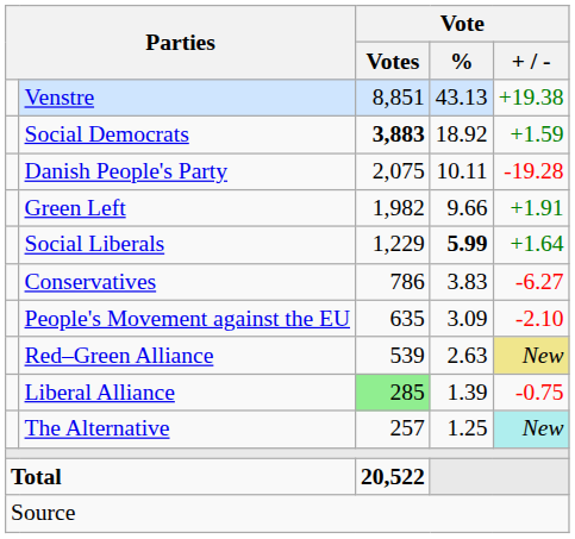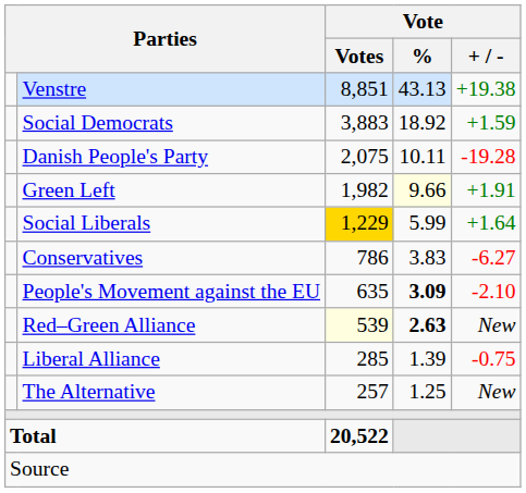 <table class="wikitable" style="text-align:right;">
 <tr>
 <th style="text-align:centre;" rowspan="2" colspan="2" width="225">Parties</th>
 <th colspan="3">Vote</th>
 </tr>
 <tr>
 <th width="15">Votes</th>
 <th width="15">%</th>
 <th width="15">+ / -</th>
 </tr>
 <tr>
 <td width="2" style="color:inherit;background:"></td>
 <td bgcolor=#cfe5fe   align="left"><a href='#'>Venstre</a></td>
 <td bgcolor=#cfe5fe>8,851</td>
 <td bgcolor=#cfe5fe>43.13</td>
 <td style=color:green;>+19.38</td>
 </tr>
 <tr>
 <td width="2" style="color:inherit;background:"></td>
 <td align="left"><a href='#'>Social Democrats</a></td>
-<td><strong>3,883</strong></td>
+<td>3,883</td>
 <td>18.92</td>
 <td style=color:green;>+1.59</td>
 </tr>
 <tr>
 <td width="2" style="color:inherit;background:"></td>
 <td align="left"><a href='#'>Danish People's Party</a></td>
 <td>2,075</td>
 <td>10.11</td>
 <td style=color:red;>-19.28</td>
 </tr>
 <tr>
 <td width="2" style="color:inherit;background:"></td>
 <td align="left"><a href='#'>Green Left</a></td>
 <td>1,982</td>
-<td>9.66</td>
+<td style="background: lightyellow;">9.66</td>
 <td style=color:green;>+1.91</td>
 </tr>
 <tr>
 <td width="2" style="color:inherit;background:"></td>
 <td align="left"><a href='#'>Social Liberals</a></td>
-<td>1,229</td>
-<td><strong>5.99</strong></td>
+<td style="background: gold;">1,229</td>
+<td>5.99</td>
 <td style=color:green;>+1.64</td>
 </tr>
 <tr>
 <td width="2" style="color:inherit;background:"></td>
 <td align="left"><a href='#'>Conservatives</a></td>
 <td>786</td>
 <td>3.83</td>
 <td style=color:red;>-6.27</td>
 </tr>
 <tr>
 <td width="2" style="color:inherit;background:"></td>
 <td align="left"><a href='#'>People's Movement against the EU</a></td>
 <td>635</td>
-<td>3.09</td>
+<td><strong>3.09</strong></td>
 <td style=color:red;>-2.10</td>
 </tr>
 <tr>
 <td width="2" style="color:inherit;background:"></td>
 <td align="left"><a href='#'>Red–Green Alliance</a></td>
-<td>539</td>
-<td>2.63</td>
-<td style="background: khaki;"><em>New</em></td>
+<td style="background: lightyellow;">539</td>
+<td><strong>2.63</strong></td>
+<td><em>New</em></td>
 </tr>
 <tr>
 <td width="2" style="color:inherit;background:"></td>
 <td align="left"><a href='#'>Liberal Alliance</a></td>
-<td style="background: lightgreen;">285</td>
+<td>285</td>
 <td>1.39</td>
 <td style=color:red;>-0.75</td>
 </tr>
 <tr>
 <td width="2" style="color:inherit;background:"></td>
 <td align="left"><a href='#'>The Alternative</a></td>
 <td>257</td>
 <td>1.25</td>
-<td style="background: paleturquoise;"><em>New</em></td>
+<td><em>New</em></td>
 </tr>
 <tr>
 <td colspan="7" bgcolor="#E9E9E9"></td>
 </tr>
 <tr>
 <td align="left" colspan="2"><strong>Total</strong></td>
 <td><strong>20,522</strong></td>
 <td bgcolor="#E9E9E9" colspan="2"></td>
 </tr>
 <tr>
 <td align="left" colspan="6">Source</td>
 </tr>
 </table>
